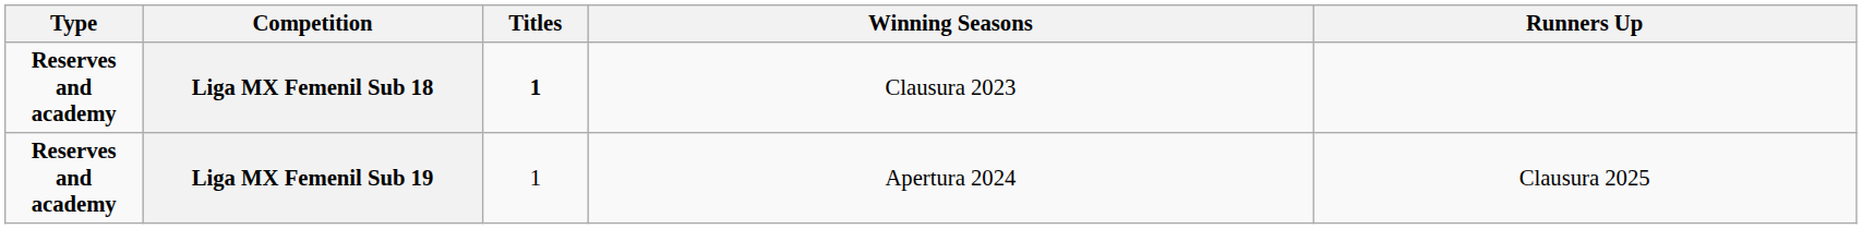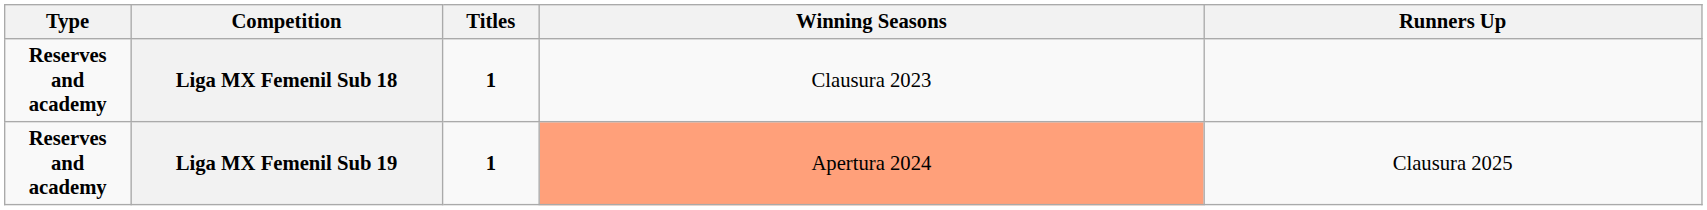 <table class="wikitable plainrowheaders" style="font-size:95%; text-align:center;">
 <tr>
 <th style="width: 1%;">Type</th>
 <th style="width: 5%;">Competition</th>
 <th style="width: 1%;">Titles</th>
 <th style="width: 12%;">Winning Seasons</th>
 <th style="width: 9%;">Runners Up</th>
 </tr>
 <tr>
 <td><strong>Reserves and academy</strong></td>
 <th scope=col>Liga MX Femenil Sub 18</th>
 <td align="center"><strong>1</strong></td>
 <td>Clausura 2023</td>
 </tr>
 <tr>
 <td><strong>Reserves and academy</strong></td>
 <th scope=col>Liga MX Femenil Sub 19</th>
-<td align="center">1</td>
-<td>Apertura 2024</td>
+<td align="center"><strong>1</strong></td>
+<td style="background: lightsalmon;">Apertura 2024</td>
 <td>Clausura 2025</td>
 </tr>
 </table>
